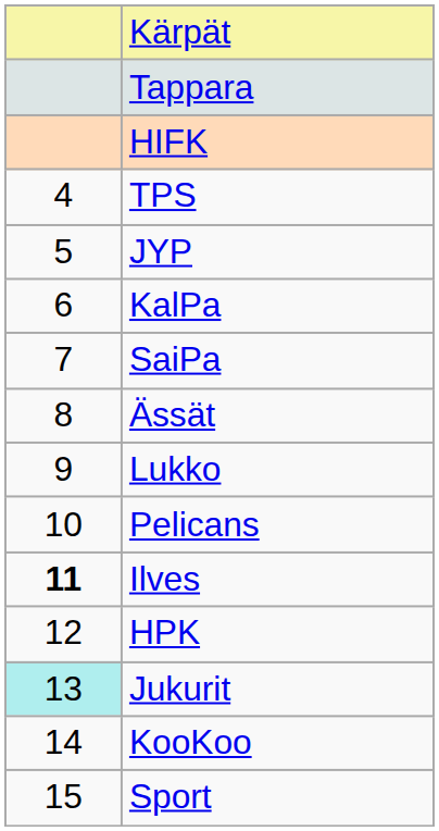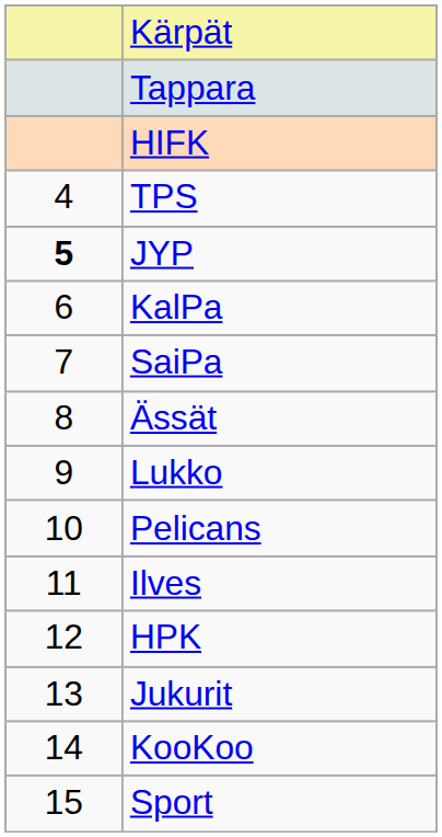 <table class="wikitable" style="width:200px;">
 <tr style="background:#F7F6A8;">
 <td align=center></td>
 <td><a href='#'>Kärpät</a></td>
 </tr>
 <tr style="background:#DCE5E5;">
 <td align=center></td>
 <td><a href='#'>Tappara</a></td>
 </tr>
 <tr style="background:#FFDAB9;">
 <td align=center></td>
 <td><a href='#'>HIFK</a></td>
 </tr>
 <tr>
 <td align=center>4</td>
 <td><a href='#'>TPS</a></td>
 </tr>
 <tr>
-<td align=center>5</td>
+<td align=center><strong>5</strong></td>
 <td><a href='#'>JYP</a></td>
 </tr>
 <tr>
 <td align=center>6</td>
 <td><a href='#'>KalPa</a></td>
 </tr>
 <tr>
 <td align=center>7</td>
 <td><a href='#'>SaiPa</a></td>
 </tr>
 <tr>
 <td align=center>8</td>
 <td><a href='#'>Ässät</a></td>
 </tr>
 <tr>
 <td align=center>9</td>
 <td><a href='#'>Lukko</a></td>
 </tr>
 <tr>
 <td align=center>10</td>
 <td><a href='#'>Pelicans</a></td>
 </tr>
 <tr>
-<td align=center><strong>11</strong></td>
+<td align=center>11</td>
 <td><a href='#'>Ilves</a></td>
 </tr>
 <tr>
 <td align=center>12</td>
 <td><a href='#'>HPK</a></td>
 </tr>
 <tr>
-<td align=center style="background: paleturquoise;">13</td>
+<td align=center>13</td>
 <td><a href='#'>Jukurit</a></td>
 </tr>
 <tr>
 <td align=center>14</td>
 <td><a href='#'>KooKoo</a></td>
 </tr>
 <tr>
 <td align=center>15</td>
 <td><a href='#'>Sport</a></td>
 </tr>
 </table>
